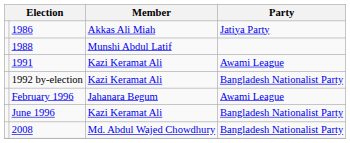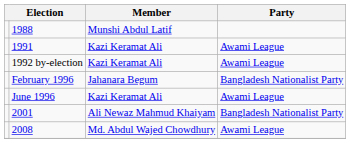 <table class="wikitable">
 <tr>
 <th colspan="2">Election</th>
 <th>Member</th>
 <th>Party</th>
-</tr>
-<tr>
-<td style="background-color:"></td>
-<td><a href='#'>1986</a></td>
-<td><a href='#'>Akkas Ali Miah</a></td>
-<td><a href='#'>Jatiya Party</a></td>
 </tr>
 <tr>
 <td></td>
 <td><a href='#'>1988</a></td>
 <td><a href='#'>Munshi Abdul Latif</a></td>
 <td></td>
 </tr>
 <tr>
 <td style="background-color:"></td>
 <td><a href='#'>1991</a></td>
 <td><a href='#'>Kazi Keramat Ali</a></td>
 <td><a href='#'>Awami League</a></td>
 </tr>
 <tr>
 <td style="background-color:"></td>
 <td>1992 by-election</td>
 <td><a href='#'>Kazi Keramat Ali</a></td>
-<td><a href='#'>Bangladesh Nationalist Party</a></td>
+<td><a href='#'>Awami League</a></td>
 </tr>
 <tr>
 <td style="background-color:"></td>
 <td><a href='#'>February 1996</a></td>
 <td><a href='#'>Jahanara Begum</a></td>
-<td><a href='#'>Awami League</a></td>
+<td><a href='#'>Bangladesh Nationalist Party</a></td>
 </tr>
 <tr>
 <td style="background-color:"></td>
 <td><a href='#'>June 1996</a></td>
 <td><a href='#'>Kazi Keramat Ali</a></td>
+<td><a href='#'>Awami League</a></td>
+</tr>
+<tr>
+<td style="background-color:"></td>
+<td><a href='#'>2001</a></td>
+<td><a href='#'>Ali Newaz Mahmud Khaiyam</a></td>
 <td><a href='#'>Bangladesh Nationalist Party</a></td>
 </tr>
 <tr>
 <td style="background-color:"></td>
 <td><a href='#'>2008</a></td>
 <td><a href='#'>Md. Abdul Wajed Chowdhury</a></td>
-<td><a href='#'>Bangladesh Nationalist Party</a></td>
+<td><a href='#'>Awami League</a></td>
 </tr>
 <tr>
 </tr>
 </table>
